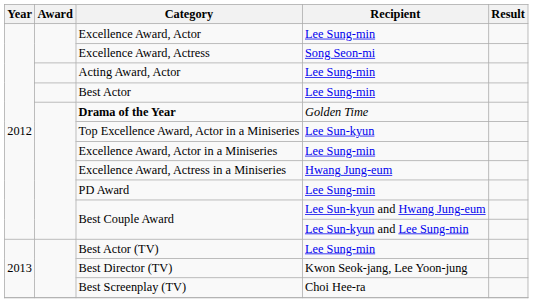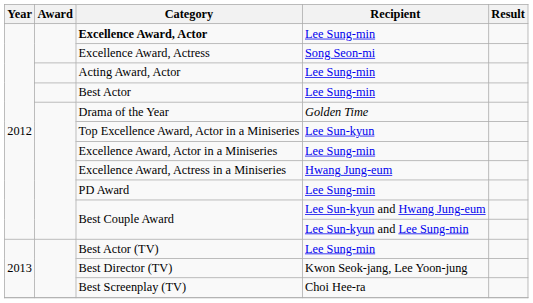 <table class="wikitable">
 <tr>
 <th>Year</th>
 <th>Award</th>
 <th>Category</th>
 <th>Recipient</th>
 <th>Result</th>
 </tr>
 <tr>
 <td rowspan=11>2012</td>
 <td rowspan=2></td>
-<td>Excellence Award, Actor</td>
+<td><strong>Excellence Award, Actor</strong></td>
 <td><a href='#'>Lee Sung-min</a></td>
 <td></td>
 </tr>
 <tr>
 <td>Excellence Award, Actress</td>
 <td><a href='#'>Song Seon-mi</a></td>
 <td></td>
 </tr>
 <tr>
 <td></td>
 <td>Acting Award, Actor</td>
 <td><a href='#'>Lee Sung-min</a></td>
 <td></td>
 </tr>
 <tr>
 <td></td>
 <td>Best Actor</td>
 <td><a href='#'>Lee Sung-min</a></td>
 <td></td>
 </tr>
 <tr>
 <td rowspan=7></td>
-<td><strong>Drama of the Year</strong></td>
+<td>Drama of the Year</td>
 <td><em>Golden Time</em></td>
 <td></td>
 </tr>
 <tr>
 <td>Top Excellence Award, Actor in a Miniseries</td>
 <td><a href='#'>Lee Sun-kyun</a></td>
 <td></td>
 </tr>
 <tr>
 <td>Excellence Award, Actor in a Miniseries</td>
 <td><a href='#'>Lee Sung-min</a></td>
 <td></td>
 </tr>
 <tr>
 <td>Excellence Award, Actress in a Miniseries</td>
 <td><a href='#'>Hwang Jung-eum</a></td>
 <td></td>
 </tr>
 <tr>
 <td>PD Award </td>
 <td><a href='#'>Lee Sung-min</a></td>
 <td></td>
 </tr>
 <tr>
 <td rowspan=2>Best Couple Award</td>
 <td><a href='#'>Lee Sun-kyun</a> and <a href='#'>Hwang Jung-eum</a></td>
 <td></td>
 </tr>
 <tr>
 <td><a href='#'>Lee Sun-kyun</a> and <a href='#'>Lee Sung-min</a></td>
 <td></td>
 </tr>
 <tr>
 <td rowspan=3>2013</td>
 <td rowspan=3></td>
 <td>Best Actor (TV)</td>
 <td><a href='#'>Lee Sung-min</a></td>
 <td></td>
 </tr>
 <tr>
 <td>Best Director (TV)</td>
 <td>Kwon Seok-jang, Lee Yoon-jung</td>
 <td></td>
 </tr>
 <tr>
 <td>Best Screenplay (TV)</td>
 <td>Choi Hee-ra</td>
 <td></td>
 </tr>
 <tr>
 </tr>
 </table>
